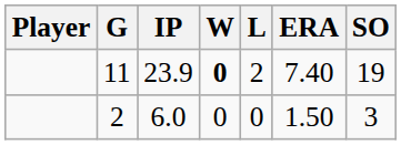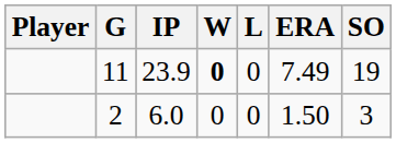 <table class="wikitable sortable">
 <tr>
 <th>Player</th>
 <th>G</th>
 <th>IP</th>
 <th>W</th>
 <th>L</th>
 <th>ERA</th>
 <th>SO</th>
 </tr>
 <tr align="center">
 <td></td>
 <td>11</td>
 <td>23.9</td>
 <td><strong>0</strong></td>
-<td>2</td>
-<td>7.40</td>
+<td>0</td>
+<td>7.49</td>
 <td>19</td>
 </tr>
 <tr align="center">
 <td></td>
 <td>2</td>
 <td>6.0</td>
 <td>0</td>
 <td>0</td>
 <td>1.50</td>
 <td>3</td>
 </tr>
 </table>
